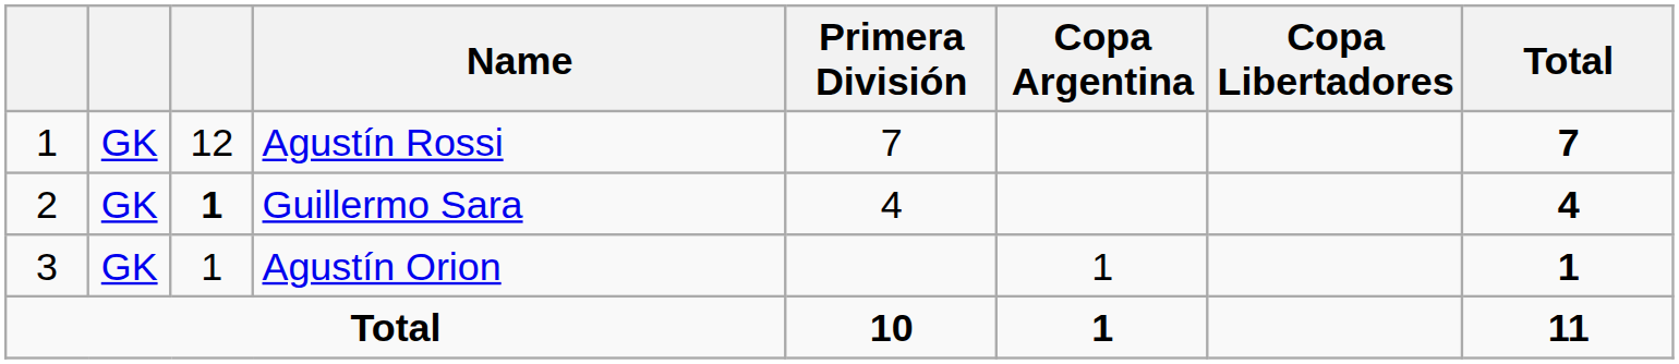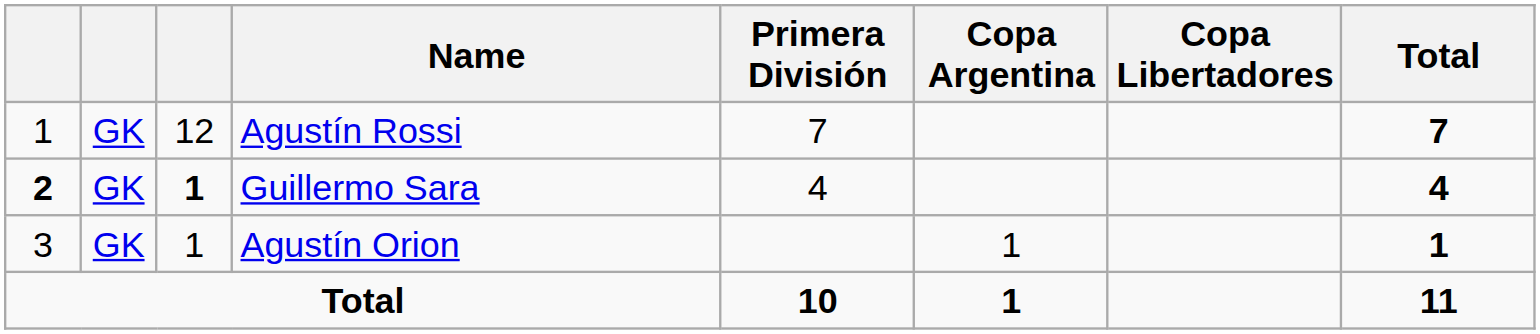 <table class="wikitable sortable" style="font-size: 95%; text-align: center;">
 <tr>
 <th width=25></th>
 <th width=25></th>
 <th width=25></th>
 <th width=200>Name</th>
 <th width=75>Primera División</th>
 <th width= 75>Copa Argentina</th>
 <th width= 75>Copa Libertadores</th>
 <th width= 75>Total</th>
 </tr>
 <tr>
 <td>1</td>
 <td><a href='#'>GK</a></td>
 <td>12</td>
 <td align=left> <a href='#'>Agustín Rossi</a></td>
 <td>7</td>
 <td></td>
 <td></td>
 <td><strong>7</strong></td>
 </tr>
 <tr>
-<td>2</td>
+<td><strong>2</strong></td>
 <td><a href='#'>GK</a></td>
 <td><strong>1</strong></td>
 <td align=left> <a href='#'>Guillermo Sara</a></td>
 <td>4</td>
 <td></td>
 <td></td>
 <td><strong>4</strong></td>
 </tr>
 <tr>
 <td>3</td>
 <td><a href='#'>GK</a></td>
 <td>1</td>
 <td align=left> <a href='#'>Agustín Orion</a></td>
 <td></td>
 <td>1</td>
 <td></td>
 <td><strong>1</strong></td>
 </tr>
 <tr align=center>
 <td colspan=4><strong>Total</strong></td>
 <td><strong>10</strong></td>
 <td><strong>1</strong></td>
 <td></td>
 <td><strong>11</strong></td>
 </tr>
 </table>
